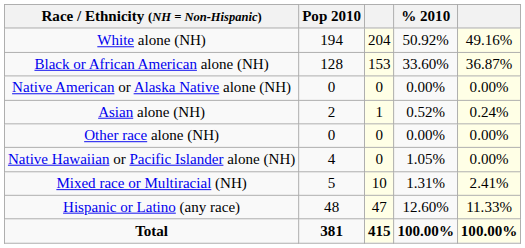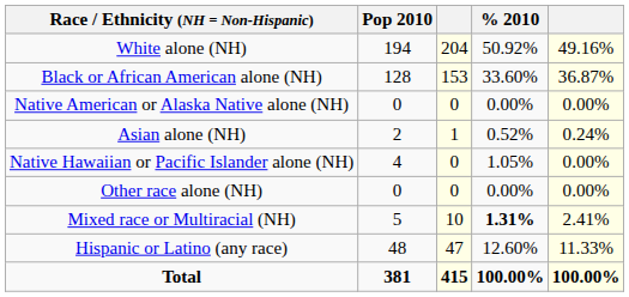 <table class="wikitable" style="text-align:center;">
 <tr>
 <th>Race / Ethnicity <small>(<em>NH = Non-Hispanic</em>)</small></th>
 <th>Pop 2010</th>
 <th></th>
 <th>% 2010</th>
 <th></th>
 </tr>
 <tr>
 <td><a href='#'>White</a> alone (NH)</td>
 <td>194</td>
 <td style='background: #ffffe6;'>204</td>
 <td>50.92%</td>
 <td style='background: #ffffe6;'>49.16%</td>
 </tr>
 <tr>
 <td><a href='#'>Black or African American</a> alone (NH)</td>
 <td>128</td>
 <td style='background: #ffffe6;'>153</td>
 <td>33.60%</td>
 <td style='background: #ffffe6;'>36.87%</td>
 </tr>
 <tr>
 <td><a href='#'>Native American</a> or <a href='#'>Alaska Native</a> alone (NH)</td>
 <td>0</td>
 <td style='background: #ffffe6;'>0</td>
 <td>0.00%</td>
 <td style='background: #ffffe6;'>0.00%</td>
 </tr>
 <tr>
 <td><a href='#'>Asian</a> alone (NH)</td>
 <td>2</td>
 <td style='background: #ffffe6;'>1</td>
 <td>0.52%</td>
 <td style='background: #ffffe6;'>0.24%</td>
 </tr>
 <tr>
+<td><a href='#'>Native Hawaiian</a> or <a href='#'>Pacific Islander</a> alone (NH)</td>
+<td>4</td>
+<td style='background: #ffffe6;'>0</td>
+<td>1.05%</td>
+<td style='background: #ffffe6;'>0.00%</td>
+</tr>
+<tr>
 <td><a href='#'>Other race</a> alone (NH)</td>
 <td>0</td>
 <td style='background: #ffffe6;'>0</td>
 <td>0.00%</td>
 <td style='background: #ffffe6;'>0.00%</td>
 </tr>
 <tr>
-<td><a href='#'>Native Hawaiian</a> or <a href='#'>Pacific Islander</a> alone (NH)</td>
-<td>4</td>
-<td style='background: #ffffe6;'>0</td>
-<td>1.05%</td>
-<td style='background: #ffffe6;'>0.00%</td>
-</tr>
-<tr>
 <td><a href='#'>Mixed race or Multiracial</a> (NH)</td>
 <td>5</td>
 <td style='background: #ffffe6;'>10</td>
-<td>1.31%</td>
+<td><strong>1.31%</strong></td>
 <td style='background: #ffffe6;'>2.41%</td>
 </tr>
 <tr>
 <td><a href='#'>Hispanic or Latino</a> (any race)</td>
 <td>48</td>
 <td style='background: #ffffe6;'>47</td>
 <td>12.60%</td>
 <td style='background: #ffffe6;'>11.33%</td>
 </tr>
 <tr>
 <td><strong>Total</strong></td>
 <td><strong>381</strong></td>
 <td style='background: #ffffe6;'><strong>415</strong></td>
 <td><strong>100.00%</strong></td>
 <td style='background: #ffffe6;'><strong>100.00%</strong></td>
 </tr>
 </table>
